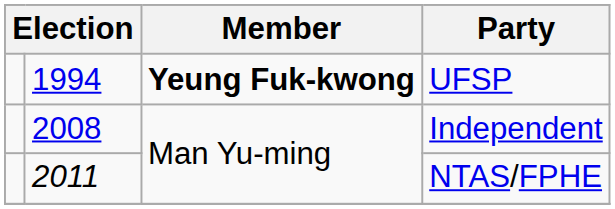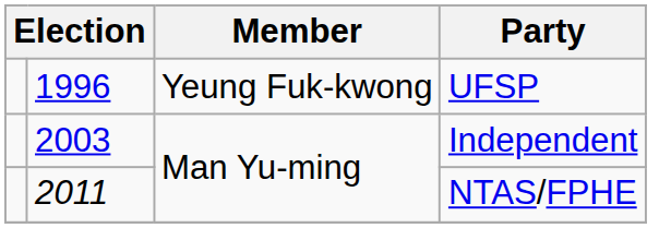 <table class="wikitable">
 <tr>
 <th colspan="2">Election</th>
 <th>Member</th>
 <th>Party</th>
 </tr>
 <tr>
 <td style="background-color: "></td>
-<td><a href='#'>1994</a></td>
-<td><strong>Yeung Fuk-kwong</strong></td>
+<td><a href='#'>1996</a></td>
+<td>Yeung Fuk-kwong</td>
 <td><a href='#'>UFSP</a></td>
 </tr>
 <tr>
 <td style="background-color: "></td>
-<td><a href='#'>2008</a></td>
+<td><a href='#'>2003</a></td>
 <td rowspan=2>Man Yu-ming</td>
 <td><a href='#'>Independent</a></td>
 </tr>
 <tr>
 <td style="background-color: "></td>
 <td><em>2011</em></td>
 <td><a href='#'>NTAS</a>/<a href='#'>FPHE</a></td>
 </tr>
 <tr>
 </tr>
 </table>
